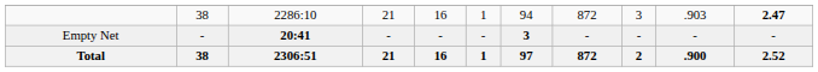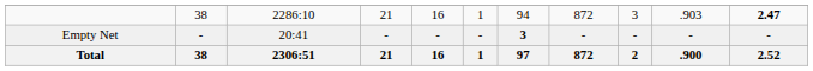 <table class="wikitable sortable" width="1000">
 <tr align="center">
 </tr>
 <tr align="center" bgcolor="">
 <td></td>
 <td>38</td>
 <td>2286:10</td>
 <td>21</td>
 <td>16</td>
 <td>1</td>
 <td>94</td>
 <td>872</td>
 <td>3</td>
 <td>.903</td>
 <td><strong>2.47</strong></td>
 </tr>
 <tr align="center" bgcolor="f0f0f0">
 <td>Empty Net</td>
 <td>-</td>
-<td><strong>20:41</strong></td>
+<td>20:41</td>
 <td>-</td>
 <td>-</td>
 <td>-</td>
 <td><strong>3</strong></td>
 <td>-</td>
 <td>-</td>
 <td>-</td>
 <td>-</td>
 </tr>
 <tr>
 <th>Total</th>
 <th>38</th>
 <th>2306:51</th>
 <th>21</th>
 <th>16</th>
 <th>1</th>
 <th>97</th>
 <th>872</th>
 <th>2</th>
 <th>.900</th>
 <th>2.52</th>
 </tr>
 </table>
